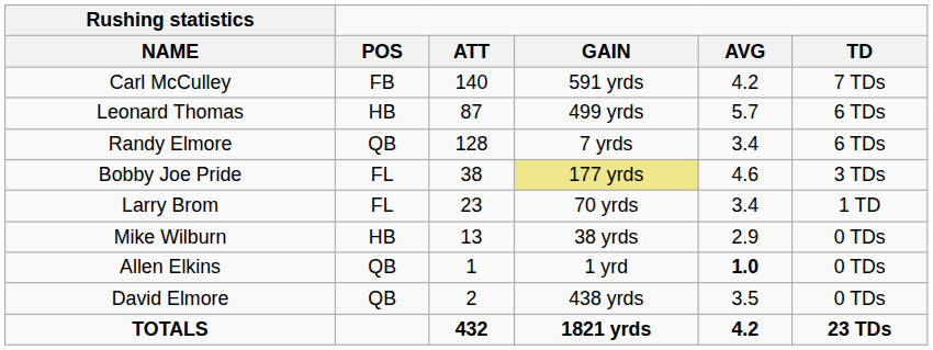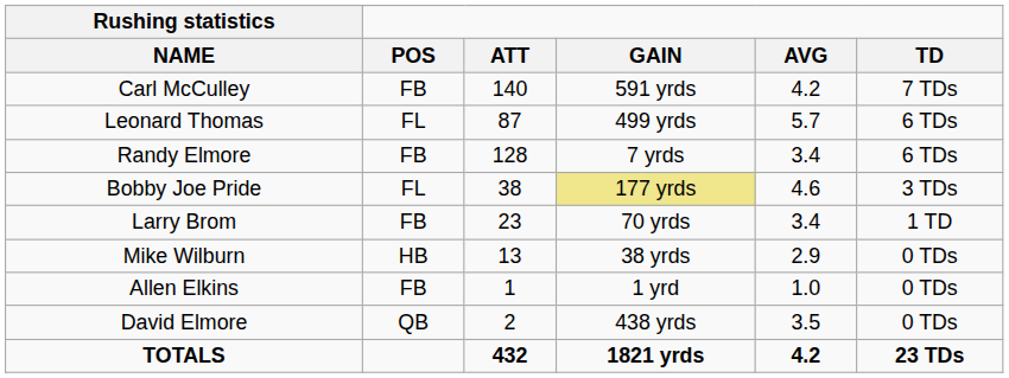 <table style="width:60%; text-align:center;" class="wikitable">
 <tr>
 <th style="text-align:center; ">Rushing statistics</th>
 </tr>
 <tr>
 <th>NAME</th>
 <th>POS</th>
 <th>ATT</th>
 <th>GAIN</th>
 <th>AVG</th>
 <th>TD</th>
 </tr>
 <tr>
 <td>Carl McCulley</td>
 <td>FB</td>
 <td>140</td>
 <td>591 yrds</td>
 <td>4.2</td>
 <td>7 TDs</td>
 </tr>
 <tr>
 <td>Leonard Thomas</td>
-<td>HB</td>
+<td>FL</td>
 <td>87</td>
 <td>499 yrds</td>
 <td>5.7</td>
 <td>6 TDs</td>
 </tr>
 <tr>
 <td>Randy Elmore</td>
-<td>QB</td>
+<td>FB</td>
 <td>128</td>
 <td>7 yrds</td>
 <td>3.4</td>
 <td>6 TDs</td>
 </tr>
 <tr>
 <td>Bobby Joe Pride</td>
 <td>FL</td>
 <td>38</td>
 <td style="background: khaki;">177 yrds</td>
 <td>4.6</td>
 <td>3 TDs</td>
 </tr>
 <tr>
 <td>Larry Brom</td>
-<td>FL</td>
+<td>FB</td>
 <td>23</td>
 <td>70 yrds</td>
 <td>3.4</td>
 <td>1 TD</td>
 </tr>
 <tr>
 <td>Mike Wilburn</td>
 <td>HB</td>
 <td>13</td>
 <td>38 yrds</td>
 <td>2.9</td>
 <td>0 TDs</td>
 </tr>
 <tr>
 <td>Allen Elkins</td>
-<td>QB</td>
+<td>FB</td>
 <td>1</td>
 <td>1 yrd</td>
-<td><strong>1.0</strong></td>
+<td>1.0</td>
 <td>0 TDs</td>
 </tr>
 <tr>
 <td>David Elmore</td>
 <td>QB</td>
 <td>2</td>
 <td>438 yrds</td>
 <td>3.5</td>
 <td>0 TDs</td>
 </tr>
 <tr>
 <td><strong>TOTALS</strong></td>
 <td></td>
 <td><strong>432</strong></td>
 <td><strong>1821 yrds</strong></td>
 <td><strong>4.2</strong></td>
 <td><strong>23 TDs</strong></td>
 </tr>
 </table>
